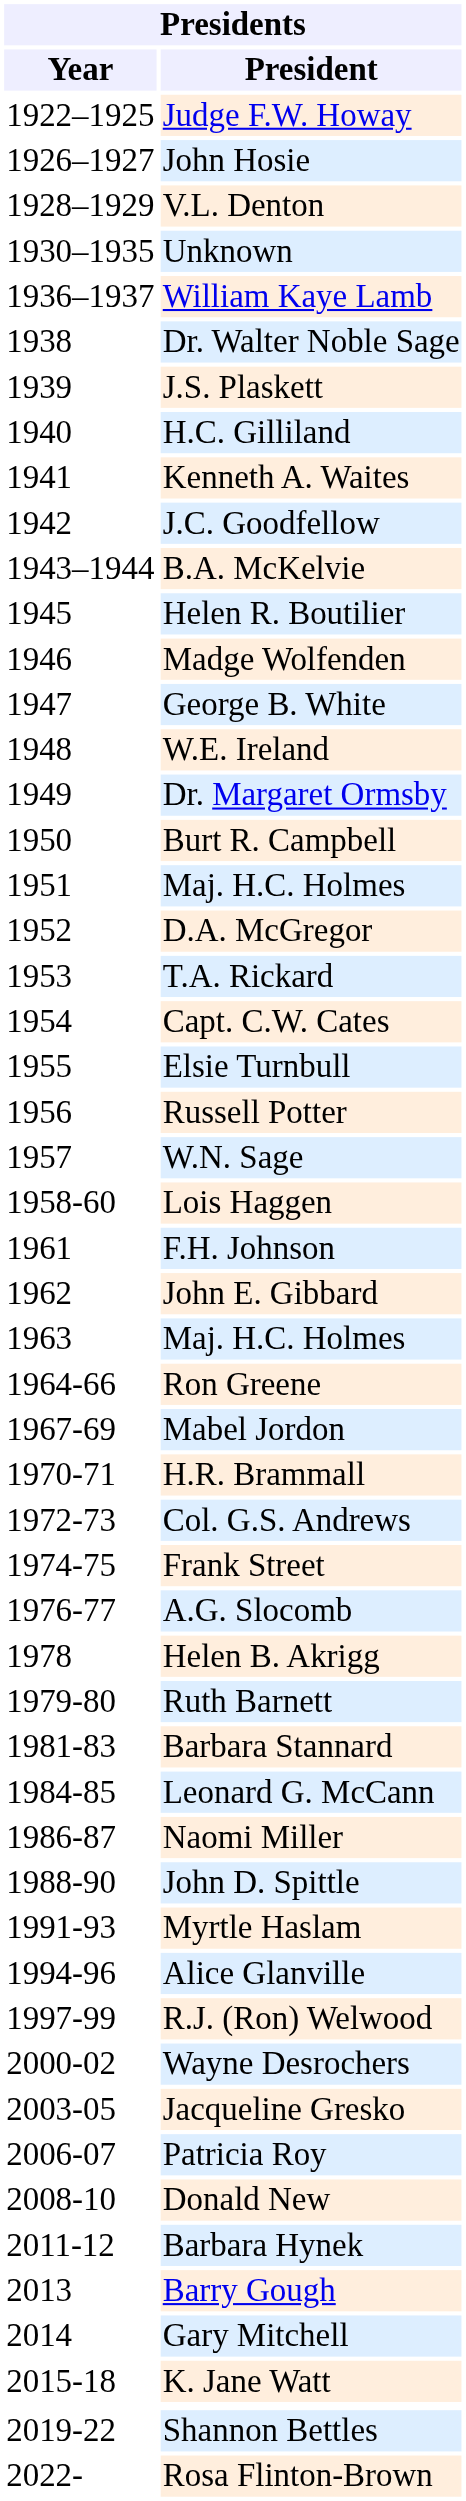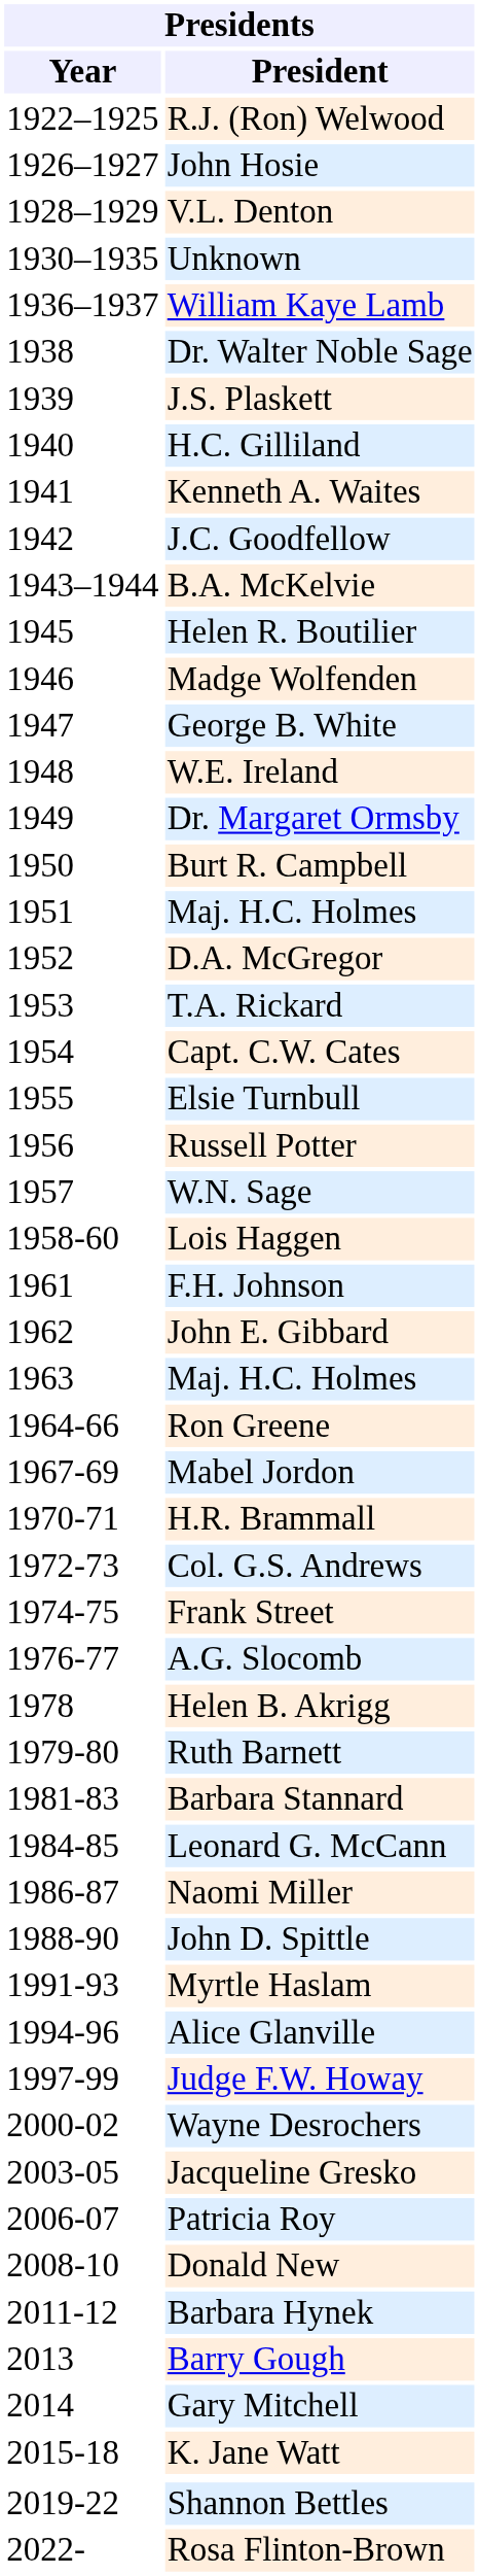 <table class="toc"  style= border:2px solid #fefefe; font-size:95%;">
 <tr>
 <td colspan="2"  style="text-align:center; background:#eef;"><strong>Presidents</strong></td>
 </tr>
 <tr style="background:#eef; text-align:center;">
 <td><strong>Year</strong></td>
 <td><strong>President</strong></td>
 </tr>
 <tr>
 <td>1922–1925</td>
-<td style="background:#fed;"><a href='#'>Judge F.W. Howay</a></td>
+<td style="background:#fed;">R.J. (Ron) Welwood</td>
 </tr>
 <tr>
 <td>1926–1927</td>
 <td style="background:#def;">John Hosie</td>
 </tr>
 <tr>
 <td>1928–1929</td>
 <td style="background:#fed;">V.L. Denton</td>
 </tr>
 <tr>
 <td>1930–1935</td>
 <td style="background:#def;">Unknown</td>
 </tr>
 <tr>
 <td>1936–1937</td>
 <td style="background:#fed;"><a href='#'>William Kaye Lamb</a></td>
 </tr>
 <tr>
 <td>1938</td>
 <td style="background:#def;">Dr. Walter Noble Sage</td>
 </tr>
 <tr>
 <td>1939</td>
 <td style="background:#fed;">J.S. Plaskett</td>
 </tr>
 <tr>
 <td>1940</td>
 <td style="background:#def;">H.C. Gilliland</td>
 </tr>
 <tr>
 <td>1941</td>
 <td style="background:#fed;">Kenneth A. Waites</td>
 </tr>
 <tr>
 <td>1942</td>
 <td style="background:#def;">J.C. Goodfellow</td>
 </tr>
 <tr>
 <td>1943–1944</td>
 <td style="background:#fed;">B.A. McKelvie</td>
 </tr>
 <tr>
 <td>1945</td>
 <td style="background:#def;">Helen R. Boutilier</td>
 </tr>
 <tr>
 <td>1946</td>
 <td style="background:#fed;">Madge Wolfenden</td>
 </tr>
 <tr>
 <td>1947</td>
 <td style="background:#def;">George B. White</td>
 </tr>
 <tr>
 <td>1948</td>
 <td style="background:#fed;">W.E. Ireland</td>
 </tr>
 <tr>
 <td>1949</td>
 <td style="background:#def;">Dr. <a href='#'>Margaret Ormsby</a></td>
 </tr>
 <tr>
 <td>1950</td>
 <td style="background:#fed;">Burt R. Campbell</td>
 </tr>
 <tr>
 <td>1951</td>
 <td style="background:#def;">Maj. H.C. Holmes</td>
 </tr>
 <tr>
 <td>1952</td>
 <td style="background:#fed;">D.A. McGregor</td>
 </tr>
 <tr>
 <td>1953</td>
 <td style="background:#def;">T.A. Rickard</td>
 </tr>
 <tr>
 <td>1954</td>
 <td style="background:#fed;">Capt. C.W. Cates</td>
 </tr>
 <tr>
 <td>1955</td>
 <td style="background:#def;">Elsie Turnbull</td>
 </tr>
 <tr>
 <td>1956</td>
 <td style="background:#fed;">Russell Potter</td>
 </tr>
 <tr>
 <td>1957</td>
 <td style="background:#def;">W.N. Sage</td>
 </tr>
 <tr>
 <td>1958-60</td>
 <td style="background:#fed;">Lois Haggen</td>
 </tr>
 <tr>
 <td>1961</td>
 <td style="background:#def;">F.H. Johnson</td>
 </tr>
 <tr>
 <td>1962</td>
 <td style="background:#fed;">John E. Gibbard</td>
 </tr>
 <tr>
 <td>1963</td>
 <td style="background:#def;">Maj. H.C. Holmes</td>
 </tr>
 <tr>
 <td>1964-66</td>
 <td style="background:#fed;">Ron Greene</td>
 </tr>
 <tr>
 <td>1967-69</td>
 <td style="background:#def;">Mabel Jordon</td>
 </tr>
 <tr>
 <td>1970-71</td>
 <td style="background:#fed;">H.R. Brammall</td>
 </tr>
 <tr>
 <td>1972-73</td>
 <td style="background:#def;">Col. G.S. Andrews</td>
 </tr>
 <tr>
 <td>1974-75</td>
 <td style="background:#fed;">Frank Street</td>
 </tr>
 <tr>
 <td>1976-77</td>
 <td style="background:#def;">A.G. Slocomb</td>
 </tr>
 <tr>
 <td>1978</td>
 <td style="background:#fed;">Helen B. Akrigg</td>
 </tr>
 <tr>
 <td>1979-80</td>
 <td style="background:#def;">Ruth Barnett</td>
 </tr>
 <tr>
 <td>1981-83</td>
 <td style="background:#fed;">Barbara Stannard</td>
 </tr>
 <tr>
 <td>1984-85</td>
 <td style="background:#def;">Leonard G. McCann</td>
 </tr>
 <tr>
 <td>1986-87</td>
 <td style="background:#fed;">Naomi Miller</td>
 </tr>
 <tr>
 <td>1988-90</td>
 <td style="background:#def;">John D. Spittle</td>
 </tr>
 <tr>
 <td>1991-93</td>
 <td style="background:#fed;">Myrtle Haslam</td>
 </tr>
 <tr>
 <td>1994-96</td>
 <td style="background:#def;">Alice Glanville</td>
 </tr>
 <tr>
 <td>1997-99</td>
-<td style="background:#fed;">R.J. (Ron) Welwood</td>
+<td style="background:#fed;"><a href='#'>Judge F.W. Howay</a></td>
 </tr>
 <tr>
 <td>2000-02</td>
 <td style="background:#def;">Wayne Desrochers</td>
 </tr>
 <tr>
 <td>2003-05</td>
 <td style="background:#fed;">Jacqueline Gresko</td>
 </tr>
 <tr>
 <td>2006-07</td>
 <td style="background:#def;">Patricia Roy</td>
 </tr>
 <tr>
 <td>2008-10</td>
 <td style="background:#fed;">Donald New</td>
 </tr>
 <tr>
 <td>2011-12</td>
 <td style="background:#def;">Barbara Hynek</td>
 </tr>
 <tr>
 <td>2013</td>
 <td style="background:#fed;"><a href='#'>Barry Gough</a></td>
 </tr>
 <tr>
 <td>2014</td>
 <td style="background:#def;">Gary Mitchell</td>
 </tr>
 <tr>
 <td>2015-18</td>
 <td style="background:#fed;">K. Jane Watt</td>
 </tr>
 <tr>
 </tr>
 <tr>
 <td>2019-22</td>
 <td style="background:#def;">Shannon Bettles</td>
 </tr>
 <tr>
 <td>2022-</td>
 <td style="background:#fed;">Rosa Flinton-Brown</td>
 </tr>
 <tr>
 </tr>
 <tr>
 </tr>
 </table>
